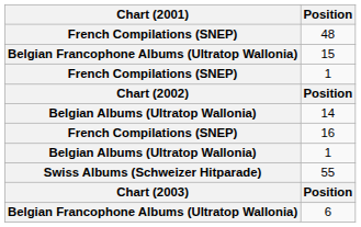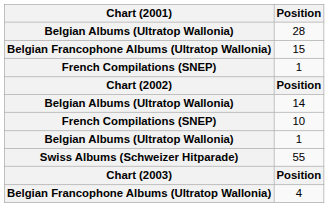 <table class="wikitable sortable plainrowheaders" style="text-align:center">
 <tr>
 <th scope="col">Chart (2001)</th>
 <th scope="col">Position</th>
 </tr>
 <tr>
-<th scope="row">French Compilations (SNEP)</th>
-<td>48</td>
+<th scope="row">Belgian Albums (Ultratop Wallonia)</th>
+<td>28</td>
 </tr>
 <tr>
 <th scope="row">Belgian Francophone Albums (Ultratop Wallonia)</th>
 <td>15</td>
 </tr>
 <tr>
 <th scope="row">French Compilations (SNEP)</th>
 <td>1</td>
 </tr>
 <tr>
 <th scope="col">Chart (2002)</th>
 <th scope="col">Position</th>
 </tr>
 <tr>
 <th scope="row">Belgian Albums (Ultratop Wallonia)</th>
 <td>14</td>
 </tr>
 <tr>
 <th scope="row">French Compilations (SNEP)</th>
-<td>16</td>
+<td>10</td>
 </tr>
 <tr>
 <th scope="row">Belgian Albums (Ultratop Wallonia)</th>
 <td>1</td>
 </tr>
 <tr>
 <th scope="row">Swiss Albums (Schweizer Hitparade)</th>
 <td>55</td>
 </tr>
 <tr>
 <th scope="col">Chart (2003)</th>
 <th scope="col">Position</th>
 </tr>
 <tr>
 <th scope="row">Belgian Francophone Albums (Ultratop Wallonia)</th>
-<td>6</td>
+<td>4</td>
 </tr>
 </table>
